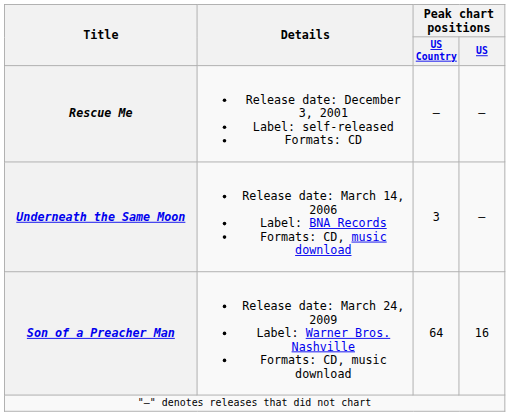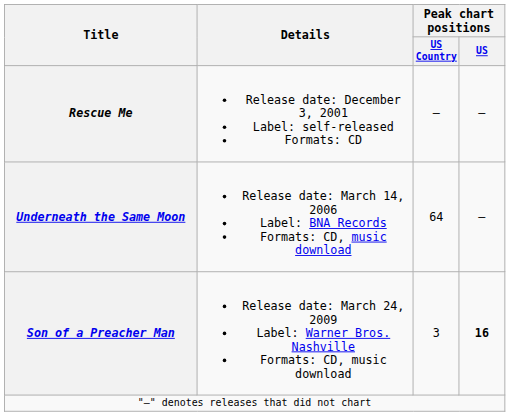 <table class="wikitable plainrowheaders" style="text-align:center;">
 <tr>
 <th rowspan="2" style="width:16em;">Title</th>
 <th rowspan="2" style="width:18em;">Details</th>
 <th colspan="3">Peak chart<br>positions</th>
 </tr>
 <tr style="font-size:smaller;">
 <th style="width:45px;"><a href='#'>US Country</a><br></th>
 <th style="width:45px;"><a href='#'>US</a><br></th>
 </tr>
 <tr>
 <th scope="row"><em>Rescue Me</em></th>
 <td><br><ul><li>Release date: December 3, 2001</li><li>Label: self-released</li><li>Formats: CD</li></ul></td>
 <td>—</td>
 <td>—</td>
 </tr>
 <tr>
 <th scope="row"><em><a href='#'>Underneath the Same Moon</a></em></th>
 <td><br><ul><li>Release date: March 14, 2006</li><li>Label: <a href='#'>BNA Records</a></li><li>Formats: CD, <a href='#'>music download</a></li></ul></td>
-<td>3</td>
+<td>64</td>
 <td>—</td>
 </tr>
 <tr>
 <th scope="row"><em><a href='#'>Son of a Preacher Man</a></em></th>
 <td><br><ul><li>Release date: March 24, 2009</li><li>Label: <a href='#'>Warner Bros. Nashville</a></li><li>Formats: CD, music download</li></ul></td>
-<td>64</td>
-<td>16</td>
+<td>3</td>
+<td><strong>16</strong></td>
 </tr>
 <tr>
 <td colspan="5" style="font-size:85%">"—" denotes releases that did not chart</td>
 </tr>
 </table>
